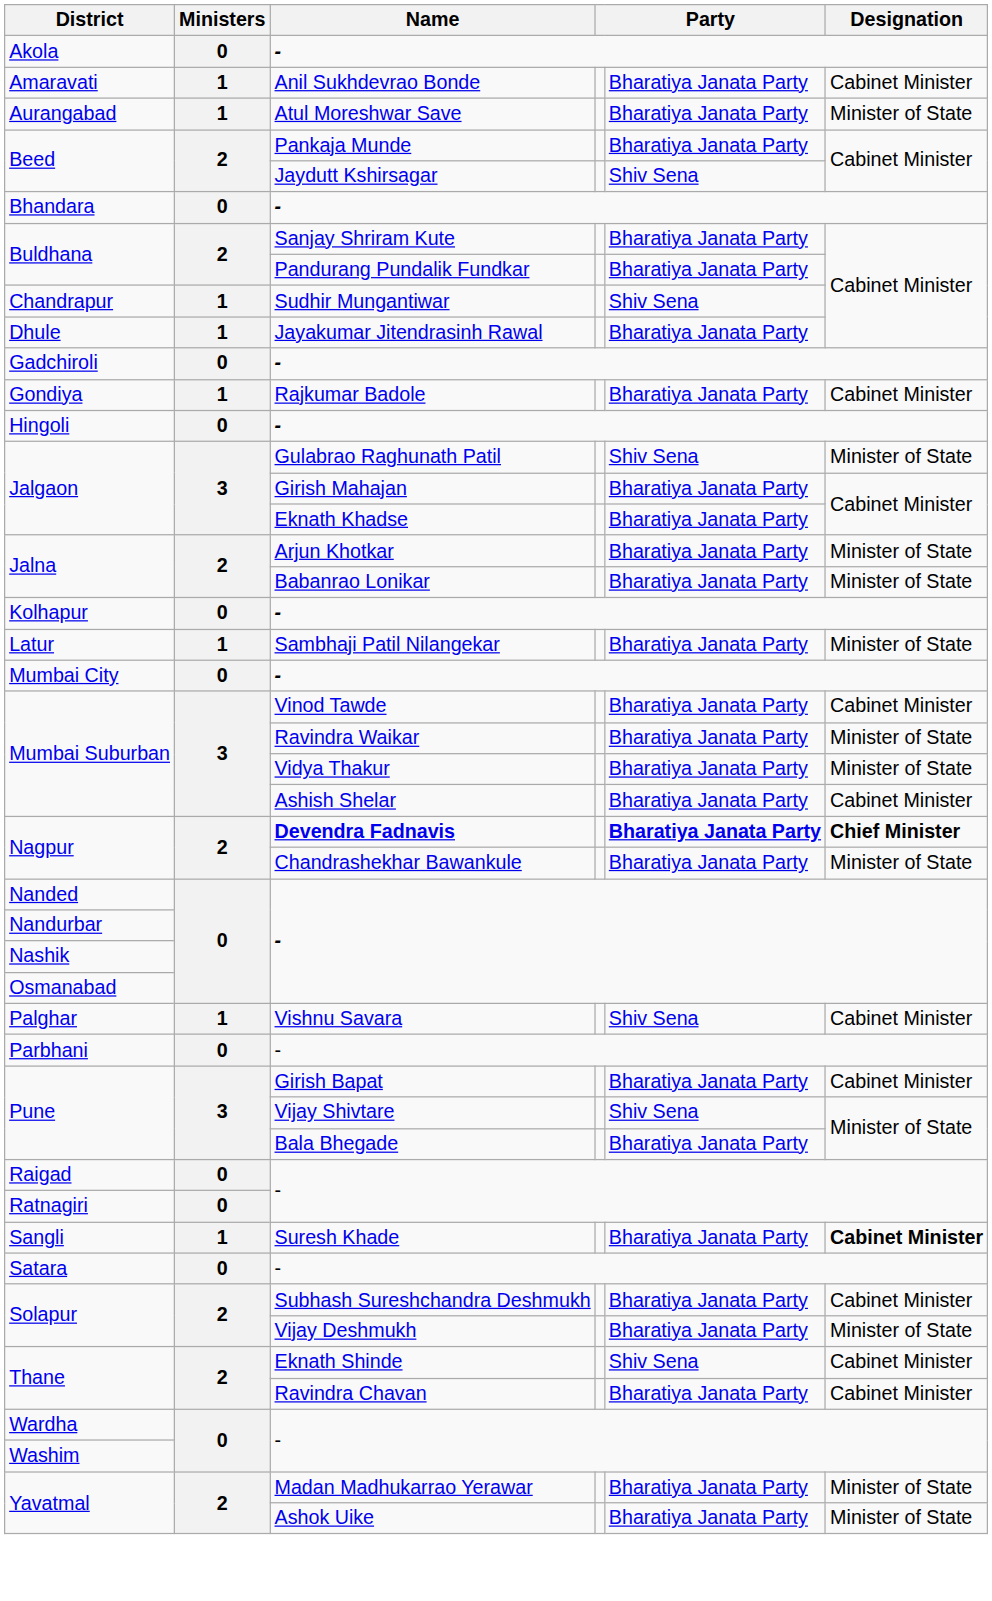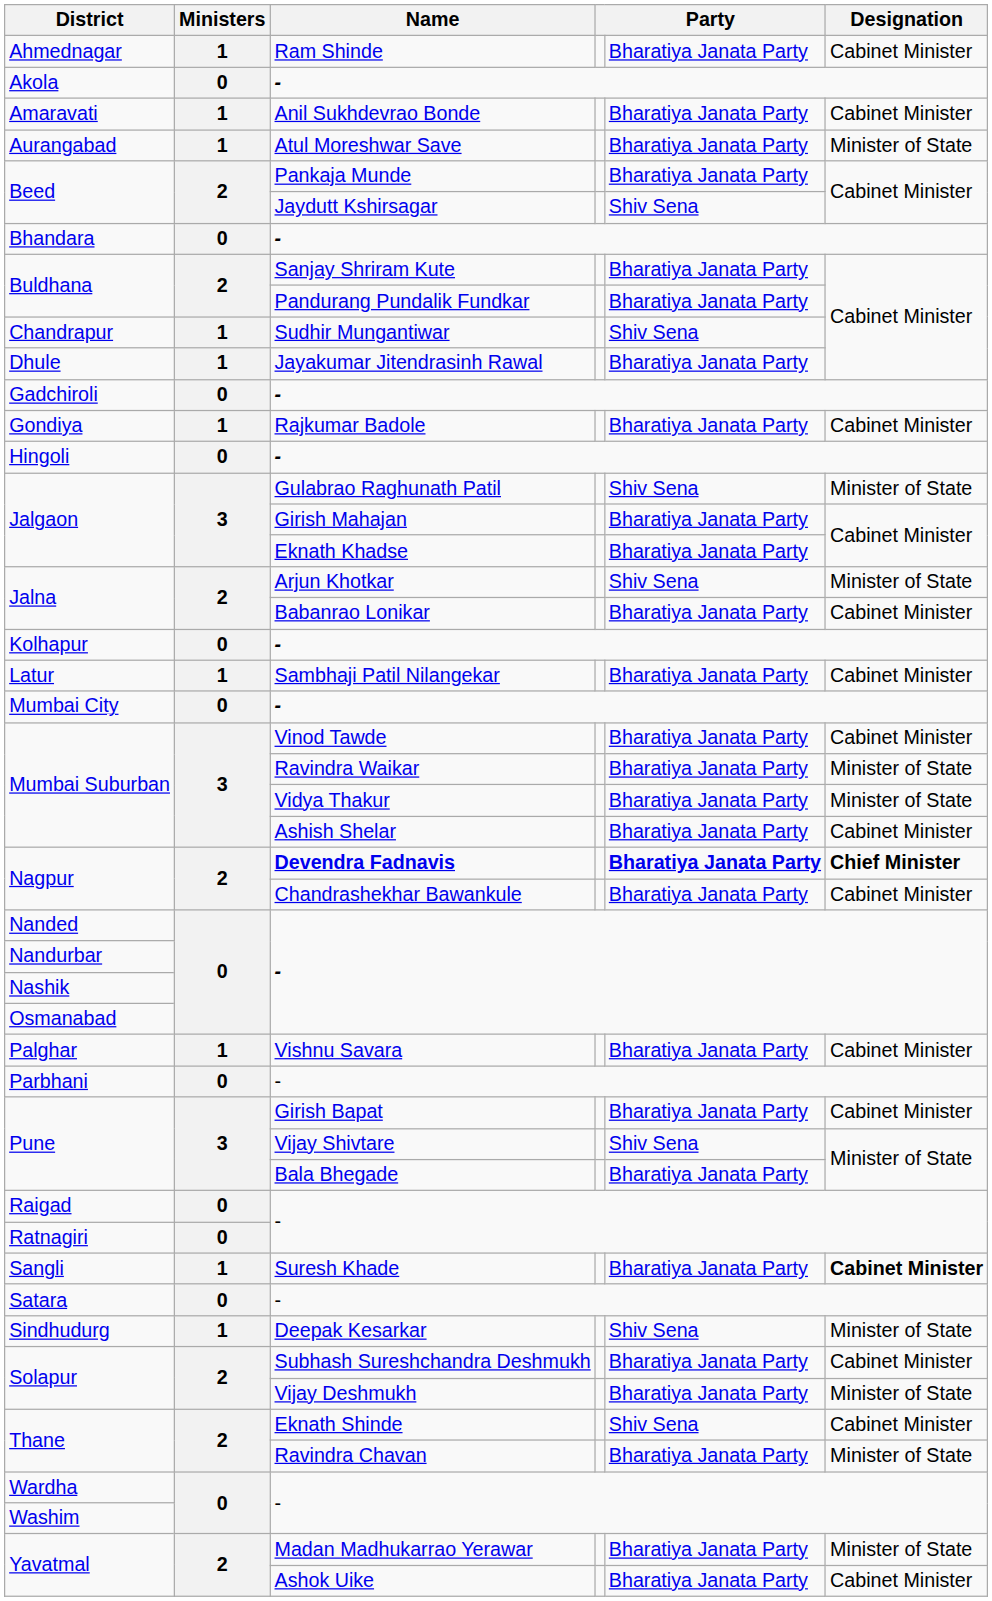 <table class="wikitable">
 <tr>
 <th>District</th>
 <th>Ministers</th>
 <th>Name</th>
 <th colspan="2">Party</th>
 <th>Designation</th>
+</tr>
+<tr>
+<td><a href='#'>Ahmednagar</a></td>
+<th>1</th>
+<td><a href='#'>Ram Shinde</a></td>
+<td style="background-color:"></td>
+<td><a href='#'>Bharatiya Janata Party</a></td>
+<td>Cabinet Minister</td>
 </tr>
 <tr>
 <td><a href='#'>Akola</a></td>
 <th>0</th>
 <td colspan="4"><strong><em>-</em></strong></td>
 </tr>
 <tr>
 <td><a href='#'>Amaravati</a></td>
 <th>1</th>
 <td><a href='#'>Anil Sukhdevrao Bonde</a></td>
 <td style="background-color:"></td>
 <td><a href='#'>Bharatiya Janata Party</a></td>
 <td>Cabinet Minister</td>
 </tr>
 <tr>
 <td><a href='#'>Aurangabad</a></td>
 <th>1</th>
 <td><a href='#'>Atul Moreshwar Save</a></td>
 <td style="background-color:"></td>
 <td><a href='#'>Bharatiya Janata Party</a></td>
 <td>Minister of State</td>
 </tr>
 <tr>
 <td rowspan="2"><a href='#'>Beed</a></td>
 <th rowspan="2">2</th>
 <td><a href='#'>Pankaja Munde</a></td>
 <td style="background-color:"></td>
 <td><a href='#'>Bharatiya Janata Party</a></td>
 <td rowspan="2">Cabinet Minister</td>
 </tr>
 <tr>
 <td><a href='#'>Jaydutt Kshirsagar</a></td>
 <td style="background-color: "></td>
 <td><a href='#'>Shiv Sena</a></td>
 </tr>
 <tr>
 <td><a href='#'>Bhandara</a></td>
 <th>0</th>
 <td colspan="4"><strong><em>-</em></strong></td>
 </tr>
 <tr>
 <td rowspan="2"><a href='#'>Buldhana</a></td>
 <th rowspan="2">2</th>
 <td><a href='#'>Sanjay Shriram Kute</a></td>
 <td style="background-color:"></td>
 <td><a href='#'>Bharatiya Janata Party</a></td>
 <td rowspan="4">Cabinet Minister</td>
 </tr>
 <tr>
 <td><a href='#'>Pandurang Pundalik Fundkar</a></td>
 <td style="background-color:"></td>
 <td><a href='#'>Bharatiya Janata Party</a></td>
 </tr>
 <tr>
 <td><a href='#'>Chandrapur</a></td>
 <th>1</th>
 <td><a href='#'>Sudhir Mungantiwar</a></td>
 <td style="background-color:"></td>
 <td><a href='#'>Shiv Sena</a></td>
 </tr>
 <tr>
 <td><a href='#'>Dhule</a></td>
 <th>1</th>
 <td><a href='#'>Jayakumar Jitendrasinh Rawal</a></td>
 <td style="background-color:"></td>
 <td><a href='#'>Bharatiya Janata Party</a></td>
 </tr>
 <tr>
 <td><a href='#'>Gadchiroli</a></td>
 <th>0</th>
 <td colspan="4"><strong><em>-</em></strong></td>
 </tr>
 <tr>
 <td><a href='#'>Gondiya</a></td>
 <th>1</th>
 <td><a href='#'>Rajkumar Badole</a></td>
 <td style="background-color:"></td>
 <td><a href='#'>Bharatiya Janata Party</a></td>
 <td>Cabinet Minister</td>
 </tr>
 <tr>
 <td><a href='#'>Hingoli</a></td>
 <th>0</th>
 <td colspan="4"><strong><em>-</em></strong></td>
 </tr>
 <tr>
 <td rowspan="3"><a href='#'>Jalgaon</a></td>
 <th rowspan="3">3</th>
 <td><a href='#'>Gulabrao Raghunath Patil</a></td>
 <td style="background-color: "></td>
 <td><a href='#'>Shiv Sena</a></td>
 <td>Minister of State</td>
 </tr>
 <tr>
 <td><a href='#'>Girish Mahajan</a></td>
 <td style="background-color:"></td>
 <td><a href='#'>Bharatiya Janata Party</a></td>
 <td rowspan="2">Cabinet Minister</td>
 </tr>
 <tr>
 <td><a href='#'>Eknath Khadse</a></td>
 <td style="background-color:"></td>
 <td><a href='#'>Bharatiya Janata Party</a></td>
 </tr>
 <tr>
 <td rowspan="2"><a href='#'>Jalna</a></td>
 <th rowspan="2">2</th>
 <td><a href='#'>Arjun Khotkar</a></td>
 <td style="background-color: "></td>
-<td><a href='#'>Bharatiya Janata Party</a></td>
+<td><a href='#'>Shiv Sena</a></td>
 <td>Minister of State</td>
 </tr>
 <tr>
 <td><a href='#'>Babanrao Lonikar</a></td>
 <td style="background-color:"></td>
 <td><a href='#'>Bharatiya Janata Party</a></td>
-<td>Minister of State</td>
+<td>Cabinet Minister</td>
 </tr>
 <tr>
 <td><a href='#'>Kolhapur</a></td>
 <th>0</th>
 <td colspan="4"><strong><em>-</em></strong></td>
 </tr>
 <tr>
 <td><a href='#'>Latur</a></td>
 <th>1</th>
 <td><a href='#'>Sambhaji Patil Nilangekar</a></td>
 <td style="background-color:"></td>
 <td><a href='#'>Bharatiya Janata Party</a></td>
-<td>Minister of State</td>
+<td>Cabinet Minister</td>
 </tr>
 <tr>
 <td><a href='#'>Mumbai City</a></td>
 <th>0</th>
 <td colspan="4"><strong><em>-</em></strong></td>
 </tr>
 <tr>
 <td rowspan="4"><a href='#'>Mumbai Suburban</a></td>
 <th rowspan="4">3</th>
 <td><a href='#'>Vinod Tawde</a></td>
 <td style="background-color:"></td>
 <td><a href='#'>Bharatiya Janata Party</a></td>
 <td>Cabinet Minister</td>
 </tr>
 <tr>
 <td><a href='#'>Ravindra Waikar</a></td>
 <td style="background-color: "></td>
 <td><a href='#'>Bharatiya Janata Party</a></td>
 <td>Minister of State</td>
 </tr>
 <tr>
 <td><a href='#'>Vidya Thakur</a></td>
 <td style="background-color:"></td>
 <td><a href='#'>Bharatiya Janata Party</a></td>
 <td>Minister of State</td>
 </tr>
 <tr>
 <td><a href='#'>Ashish Shelar</a></td>
 <td style="background-color:"></td>
 <td><a href='#'>Bharatiya Janata Party</a></td>
 <td>Cabinet Minister</td>
 </tr>
 <tr>
 <td rowspan="2"><a href='#'>Nagpur</a></td>
 <th rowspan="2">2</th>
 <td><strong><a href='#'>Devendra Fadnavis</a></strong></td>
 <td style="background-color:"></td>
 <td><strong><a href='#'>Bharatiya Janata Party</a></strong></td>
 <td><strong>Chief Minister</strong></td>
 </tr>
 <tr>
 <td><a href='#'>Chandrashekhar Bawankule</a></td>
 <td style="background-color:"></td>
 <td><a href='#'>Bharatiya Janata Party</a></td>
-<td>Minister of State</td>
+<td>Cabinet Minister</td>
 </tr>
 <tr>
 <td><a href='#'>Nanded</a></td>
 <th rowspan="4">0</th>
 <td colspan="4" rowspan="4"><strong><em>-</em></strong></td>
 </tr>
 <tr>
 <td><a href='#'>Nandurbar</a></td>
 </tr>
 <tr>
 <td><a href='#'>Nashik</a></td>
 </tr>
 <tr>
 <td><a href='#'>Osmanabad</a></td>
 </tr>
 <tr>
 <td><a href='#'>Palghar</a></td>
 <th>1</th>
 <td><a href='#'>Vishnu Savara</a></td>
 <td style="background-color:"></td>
-<td><a href='#'>Shiv Sena</a></td>
+<td><a href='#'>Bharatiya Janata Party</a></td>
 <td>Cabinet Minister</td>
 </tr>
 <tr>
 <td><a href='#'>Parbhani</a></td>
 <th>0</th>
 <td colspan="4">-</td>
 </tr>
 <tr>
 <td rowspan="3"><a href='#'>Pune</a></td>
 <th rowspan="3">3</th>
 <td><a href='#'>Girish Bapat</a></td>
 <td style="background-color:"></td>
 <td><a href='#'>Bharatiya Janata Party</a></td>
 <td>Cabinet Minister</td>
 </tr>
 <tr>
 <td><a href='#'>Vijay Shivtare</a></td>
 <td style="background-color: "></td>
 <td><a href='#'>Shiv Sena</a></td>
 <td rowspan="2">Minister of State</td>
 </tr>
 <tr>
 <td><a href='#'>Bala Bhegade</a></td>
 <td style="background-color:"></td>
 <td><a href='#'>Bharatiya Janata Party</a></td>
 </tr>
 <tr>
 <td><a href='#'>Raigad</a></td>
 <th>0</th>
 <td colspan="4" rowspan="2">-</td>
 </tr>
 <tr>
 <td><a href='#'>Ratnagiri</a></td>
 <th>0</th>
 </tr>
 <tr>
 <td><a href='#'>Sangli</a></td>
 <th>1</th>
 <td><a href='#'>Suresh Khade</a></td>
 <td style="background-color:"></td>
 <td><a href='#'>Bharatiya Janata Party</a></td>
 <td><strong>Cabinet Minister</strong></td>
 </tr>
 <tr>
 <td><a href='#'>Satara</a></td>
 <th>0</th>
 <td colspan="4">-</td>
 </tr>
 <tr>
+<td><a href='#'>Sindhudurg</a></td>
+<th>1</th>
+<td><a href='#'>Deepak Kesarkar</a></td>
+<td style="background-color: "></td>
+<td><a href='#'>Shiv Sena</a></td>
+<td>Minister of State</td>
+</tr>
+<tr>
 <td rowspan="2"><a href='#'>Solapur</a></td>
 <th rowspan="2">2</th>
 <td><a href='#'>Subhash Sureshchandra Deshmukh</a></td>
 <td style="background-color:"></td>
 <td><a href='#'>Bharatiya Janata Party</a></td>
 <td>Cabinet Minister</td>
 </tr>
 <tr>
 <td><a href='#'>Vijay Deshmukh</a></td>
 <td style="background-color:"></td>
 <td><a href='#'>Bharatiya Janata Party</a></td>
 <td>Minister of State</td>
 </tr>
 <tr>
 <td rowspan="2"><a href='#'>Thane</a></td>
 <th rowspan="2">2</th>
 <td><a href='#'>Eknath Shinde</a></td>
 <td style="background-color: "></td>
 <td><a href='#'>Shiv Sena</a></td>
 <td>Cabinet Minister</td>
 </tr>
 <tr>
 <td><a href='#'>Ravindra Chavan</a></td>
 <td style="background-color:"></td>
 <td><a href='#'>Bharatiya Janata Party</a></td>
-<td>Cabinet Minister</td>
+<td>Minister of State</td>
 </tr>
 <tr>
 <td><a href='#'>Wardha</a></td>
 <th rowspan="2">0</th>
 <td colspan="4" rowspan="2">-</td>
 </tr>
 <tr>
 <td><a href='#'>Washim</a></td>
 </tr>
 <tr>
 <td rowspan="2"><a href='#'>Yavatmal</a></td>
 <th rowspan="2">2</th>
 <td><a href='#'>Madan Madhukarrao Yerawar</a></td>
 <td style="background-color:"></td>
 <td><a href='#'>Bharatiya Janata Party</a></td>
 <td>Minister of State</td>
 </tr>
 <tr>
 <td><a href='#'>Ashok Uike</a></td>
 <td style="background-color:"></td>
 <td><a href='#'>Bharatiya Janata Party</a></td>
-<td>Minister of State</td>
+<td>Cabinet Minister</td>
 </tr>
 </table>
